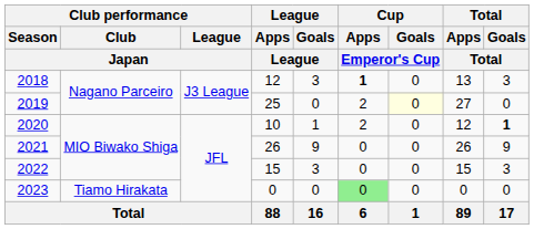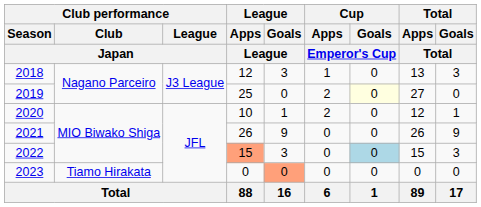 <table class="wikitable" style="text-align:center;">
 <tr>
 <th colspan=3>Club performance</th>
 <th colspan=2>League</th>
 <th colspan=2>Cup</th>
 <th colspan=2>Total</th>
 </tr>
 <tr>
 <th>Season</th>
 <th>Club</th>
 <th>League</th>
 <th>Apps</th>
 <th>Goals</th>
 <th>Apps</th>
 <th>Goals</th>
 <th>Apps</th>
 <th>Goals</th>
 </tr>
 <tr>
 <th colspan=3>Japan</th>
 <th colspan=2>League</th>
 <th colspan=2><a href='#'>Emperor's Cup</a></th>
 <th colspan=2>Total</th>
 </tr>
 <tr>
 <td><a href='#'>2018</a></td>
 <td rowspan="2"><a href='#'>Nagano Parceiro</a></td>
 <td rowspan="2"><a href='#'>J3 League</a></td>
 <td>12</td>
 <td>3</td>
-<td><strong>1</strong></td>
+<td>1</td>
 <td>0</td>
 <td>13</td>
 <td>3</td>
 </tr>
 <tr>
 <td><a href='#'>2019</a></td>
 <td>25</td>
 <td>0</td>
 <td>2</td>
 <td style="background: lightyellow;">0</td>
 <td>27</td>
 <td>0</td>
 </tr>
 <tr>
 <td><a href='#'>2020</a></td>
 <td rowspan="3"><a href='#'>MIO Biwako Shiga</a></td>
 <td rowspan="4"><a href='#'>JFL</a></td>
 <td>10</td>
 <td>1</td>
 <td>2</td>
 <td>0</td>
 <td>12</td>
-<td><strong>1</strong></td>
+<td>1</td>
 </tr>
 <tr>
 <td><a href='#'>2021</a></td>
 <td>26</td>
 <td>9</td>
 <td>0</td>
 <td>0</td>
 <td>26</td>
 <td>9</td>
 </tr>
 <tr>
 <td><a href='#'>2022</a></td>
-<td>15</td>
+<td style="background: lightsalmon;">15</td>
 <td>3</td>
 <td>0</td>
-<td>0</td>
+<td style="background: lightblue;">0</td>
 <td>15</td>
 <td>3</td>
 </tr>
 <tr>
 <td><a href='#'>2023</a></td>
 <td><a href='#'>Tiamo Hirakata</a></td>
 <td>0</td>
+<td style="background: lightsalmon;">0</td>
 <td>0</td>
-<td style="background: lightgreen;">0</td>
 <td>0</td>
 <td>0</td>
 <td>0</td>
 </tr>
 <tr>
 <th colspan=3>Total</th>
 <th>88</th>
 <th>16</th>
 <th>6</th>
 <th>1</th>
 <th>89</th>
 <th>17</th>
 </tr>
 </table>
